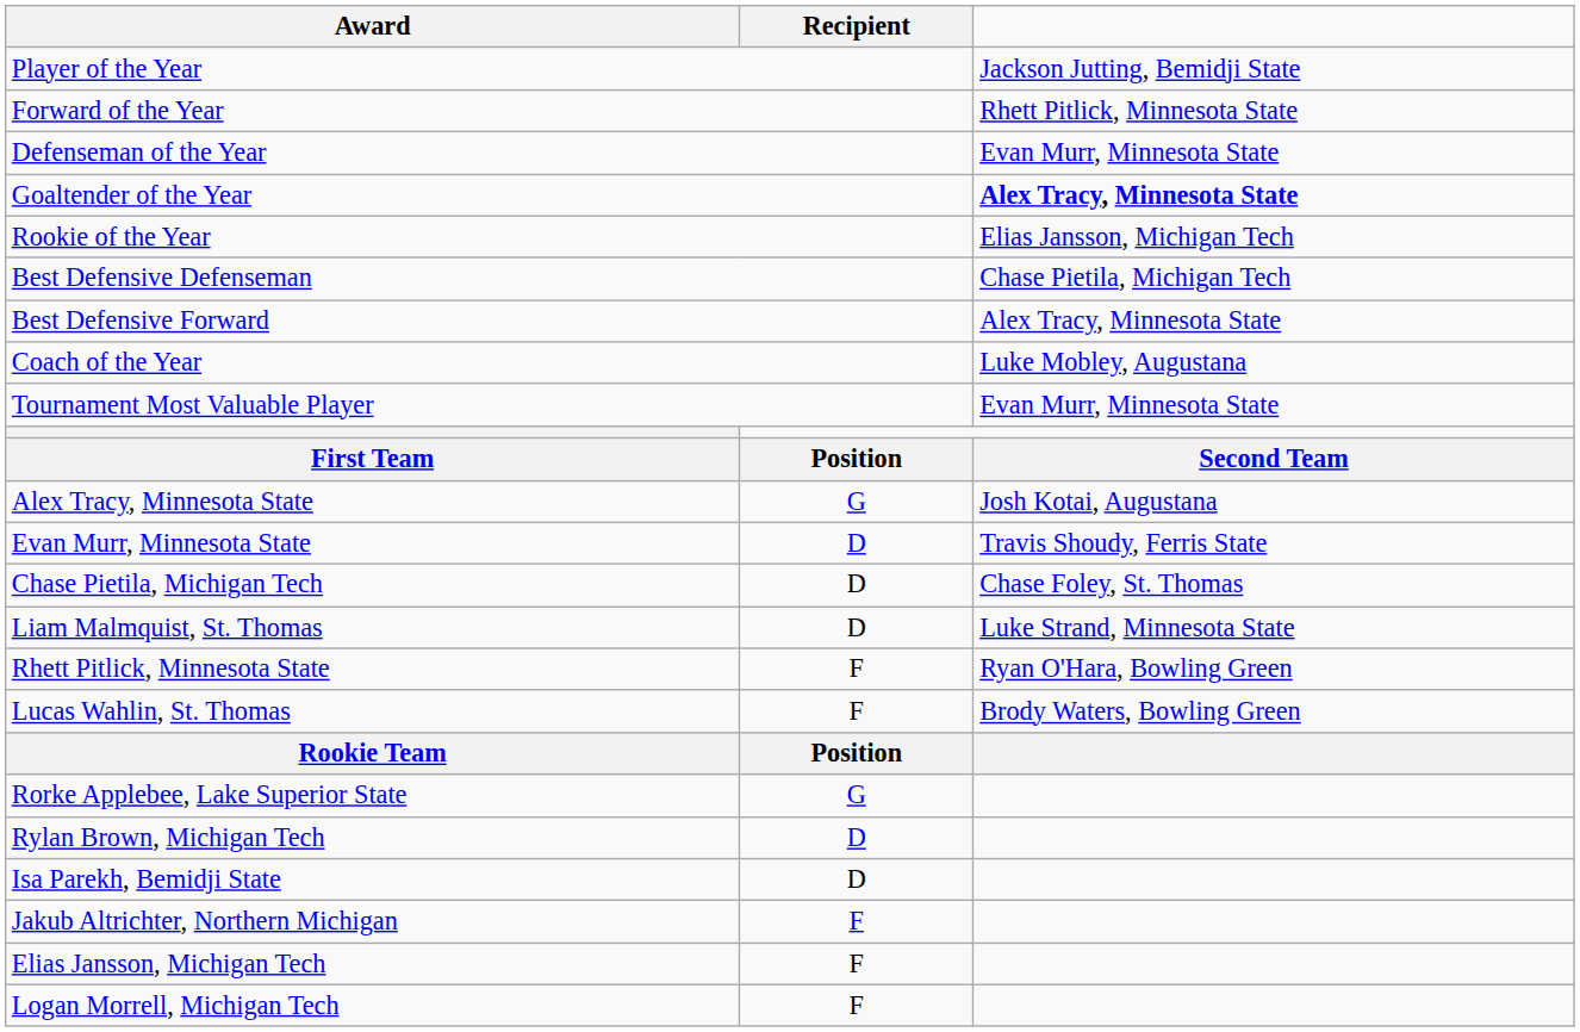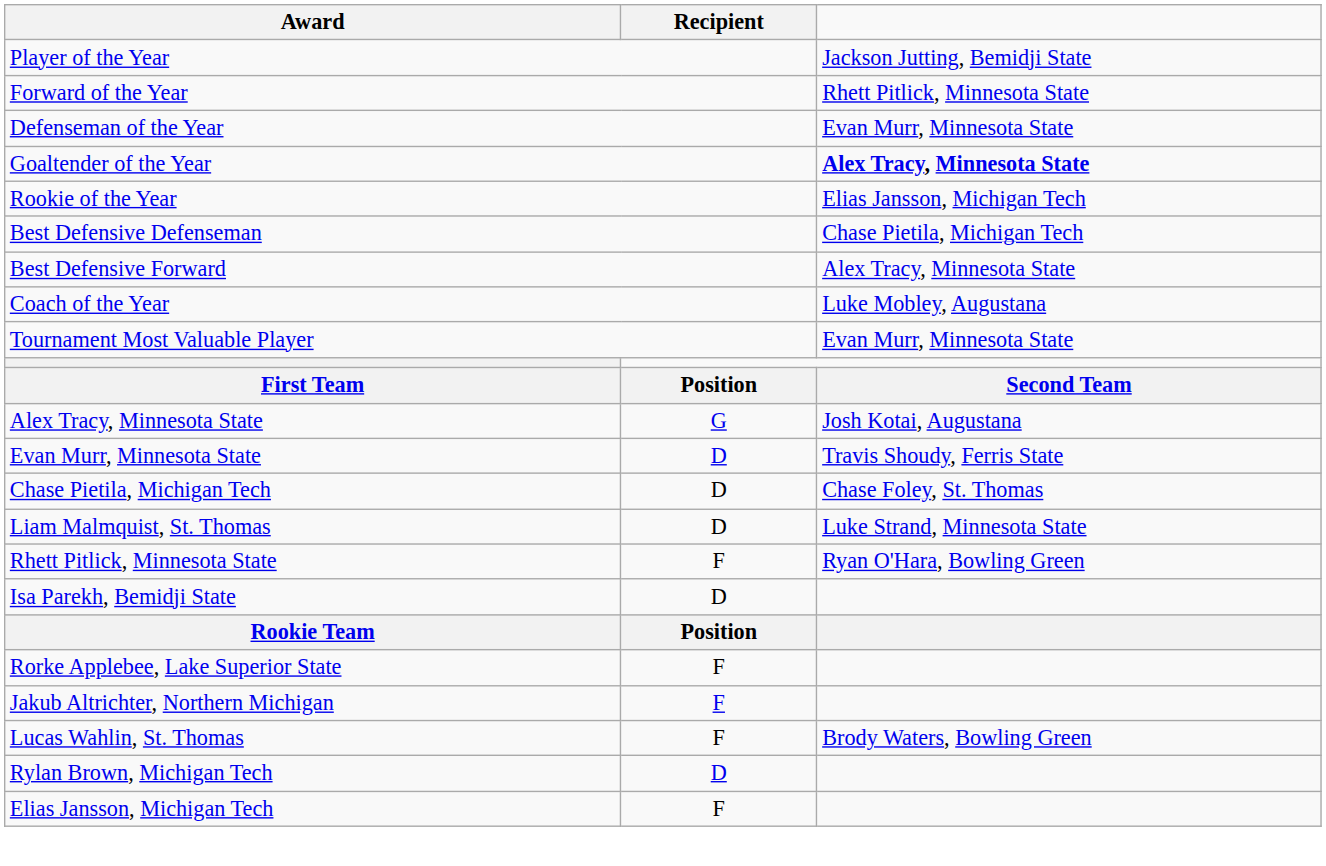 <table class="wikitable" width=75%>
 <tr>
 <th>Award</th>
 <th>Recipient</th>
 </tr>
 <tr>
 <td colspan=2><a href='#'>Player of the Year</a></td>
 <td><a href='#'>Jackson Jutting</a>, <a href='#'>Bemidji State</a></td>
 </tr>
 <tr>
 <td colspan=2><a href='#'>Forward of the Year</a></td>
 <td><a href='#'>Rhett Pitlick</a>, <a href='#'>Minnesota State</a></td>
 </tr>
 <tr>
 <td colspan=2><a href='#'>Defenseman of the Year</a></td>
 <td><a href='#'>Evan Murr</a>, <a href='#'>Minnesota State</a></td>
 </tr>
 <tr>
 <td colspan=2><a href='#'>Goaltender of the Year</a></td>
 <td><strong><a href='#'>Alex Tracy</a>, <a href='#'>Minnesota State</a></strong></td>
 </tr>
 <tr>
 <td colspan=2><a href='#'>Rookie of the Year</a></td>
 <td><a href='#'>Elias Jansson</a>, <a href='#'>Michigan Tech</a></td>
 </tr>
 <tr>
 <td colspan=2><a href='#'>Best Defensive Defenseman</a></td>
 <td><a href='#'>Chase Pietila</a>, <a href='#'>Michigan Tech</a></td>
 </tr>
 <tr>
 <td colspan=2><a href='#'>Best Defensive Forward</a></td>
 <td><a href='#'>Alex Tracy</a>, <a href='#'>Minnesota State</a></td>
 </tr>
 <tr>
 <td colspan=2><a href='#'>Coach of the Year</a></td>
 <td><a href='#'>Luke Mobley</a>, <a href='#'>Augustana</a></td>
 </tr>
 <tr>
 <td colspan=2><a href='#'>Tournament Most Valuable Player</a></td>
 <td><a href='#'>Evan Murr</a>, <a href='#'>Minnesota State</a></td>
 </tr>
 <tr>
 <th><a href='#'></a></th>
 </tr>
 <tr>
 <th><a href='#'>First Team</a></th>
 <th>  Position  </th>
 <th><a href='#'>Second Team</a></th>
 </tr>
 <tr>
 <td><a href='#'>Alex Tracy</a>, <a href='#'>Minnesota State</a></td>
 <td align=center><a href='#'>G</a></td>
 <td><a href='#'>Josh Kotai</a>, <a href='#'>Augustana</a></td>
 </tr>
 <tr>
 <td><a href='#'>Evan Murr</a>, <a href='#'>Minnesota State</a></td>
 <td align=center><a href='#'>D</a></td>
 <td><a href='#'>Travis Shoudy</a>, <a href='#'>Ferris State</a></td>
 </tr>
 <tr>
 <td><a href='#'>Chase Pietila</a>, <a href='#'>Michigan Tech</a></td>
 <td align=center>D</td>
 <td><a href='#'>Chase Foley</a>, <a href='#'>St. Thomas</a></td>
 </tr>
 <tr>
 <td><a href='#'>Liam Malmquist</a>, <a href='#'>St. Thomas</a></td>
 <td align=center>D</td>
 <td><a href='#'>Luke Strand</a>, <a href='#'>Minnesota State</a></td>
 </tr>
 <tr>
 <td><a href='#'>Rhett Pitlick</a>, <a href='#'>Minnesota State</a></td>
 <td align=center>F</td>
 <td><a href='#'>Ryan O'Hara</a>, <a href='#'>Bowling Green</a></td>
 </tr>
 <tr>
-<td><a href='#'>Lucas Wahlin</a>, <a href='#'>St. Thomas</a></td>
-<td align=center>F</td>
-<td><a href='#'>Brody Waters</a>, <a href='#'>Bowling Green</a></td>
+<td><a href='#'>Isa Parekh</a>, <a href='#'>Bemidji State</a></td>
+<td align=center>D</td>
+<td></td>
 </tr>
 <tr>
 <th><a href='#'>Rookie Team</a></th>
 <th>  Position  </th>
 <th></th>
 </tr>
 <tr>
 <td><a href='#'>Rorke Applebee</a>, <a href='#'>Lake Superior State</a></td>
-<td align=center><a href='#'>G</a></td>
-<td></td>
-</tr>
-<tr>
-<td><a href='#'>Rylan Brown</a>, <a href='#'>Michigan Tech</a></td>
-<td align=center><a href='#'>D</a></td>
-<td></td>
-</tr>
-<tr>
-<td><a href='#'>Isa Parekh</a>, <a href='#'>Bemidji State</a></td>
-<td align=center>D</td>
+<td align=center>F</td>
 <td></td>
 </tr>
 <tr>
 <td><a href='#'>Jakub Altrichter</a>, <a href='#'>Northern Michigan</a></td>
 <td align=center><a href='#'>F</a></td>
 <td></td>
 </tr>
 <tr>
+<td><a href='#'>Lucas Wahlin</a>, <a href='#'>St. Thomas</a></td>
+<td align=center>F</td>
+<td><a href='#'>Brody Waters</a>, <a href='#'>Bowling Green</a></td>
+</tr>
+<tr>
+<td><a href='#'>Rylan Brown</a>, <a href='#'>Michigan Tech</a></td>
+<td align=center><a href='#'>D</a></td>
+<td></td>
+</tr>
+<tr>
 <td><a href='#'>Elias Jansson</a>, <a href='#'>Michigan Tech</a></td>
 <td align=center>F</td>
 <td></td>
 </tr>
-<tr>
-<td><a href='#'>Logan Morrell</a>, <a href='#'>Michigan Tech</a></td>
-<td align=center>F</td>
-<td></td>
-</tr>
 </table>
